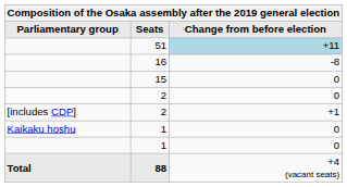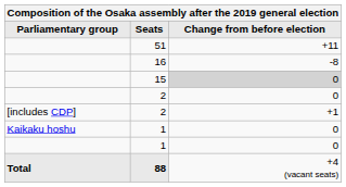 <table class="wikitable">
 <tr>
 <th colspan="3">Composition of the Osaka assembly after the 2019 general election</th>
 </tr>
 <tr>
 <th style="background-color:#E9E9E9" align=left>Parliamentary group</th>
 <th style="background-color:#E9E9E9" align=right>Seats</th>
 <th style="background-color:#E9E9E9" align=right>Change from before election</th>
 </tr>
 <tr>
 <td align=left></td>
 <td align="right">51</td>
-<td align="right" style="background: lightblue;">+11</td>
+<td align="right">+11</td>
 </tr>
 <tr>
 <td align=left></td>
 <td align="right">16</td>
 <td align="right">-8</td>
 </tr>
 <tr>
 <td align=left></td>
 <td align="right">15</td>
-<td align="right">0</td>
+<td align="right" style="background: lightgrey;">0</td>
 </tr>
 <tr>
 <td align=left></td>
 <td align="right">2</td>
 <td align="right">0</td>
 </tr>
 <tr>
 <td align=left> [includes <a href='#'>CDP</a>]</td>
 <td align="right">2</td>
 <td align="right">+1</td>
 </tr>
 <tr>
 <td align=left><a href='#'>Kaikaku hoshu</a></td>
 <td align="right">1</td>
 <td align="right">0</td>
 </tr>
 <tr>
 <td align=left></td>
 <td align="right">1</td>
 <td align="right">0</td>
 </tr>
 <tr>
 <td align=left style="background-color:#E9E9E9" align=left><strong>Total</strong></td>
 <td style="background-color:#E9E9E9" align=right><strong>88</strong></td>
 <td align="right">+4<br><small>(vacant seats)</small></td>
 </tr>
 </table>
